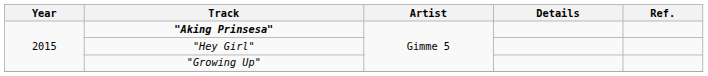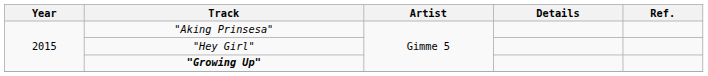 <table class="wikitable" style="text-align:center" width=70%>
 <tr>
 <th>Year</th>
 <th>Track</th>
 <th>Artist</th>
 <th>Details</th>
 <th>Ref.</th>
 </tr>
 <tr>
 <td rowspan=3>2015</td>
-<td><strong><em>"Aking Prinsesa"</em></strong></td>
+<td><em>"Aking Prinsesa"</em></td>
 <td rowspan=3>Gimme 5</td>
 <td></td>
 <td></td>
 </tr>
 <tr>
 <td><em>"Hey Girl"</em></td>
 <td></td>
 <td></td>
 </tr>
 <tr>
-<td><em>"Growing Up"</em></td>
+<td><strong><em>"Growing Up"</em></strong></td>
 <td></td>
 <td></td>
 </tr>
 <tr>
 </tr>
 </table>
